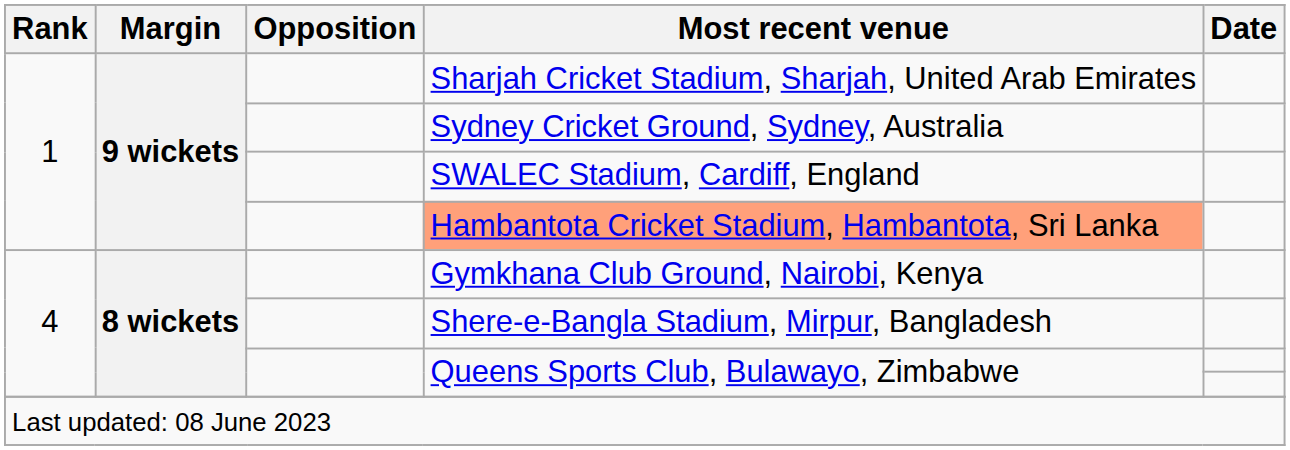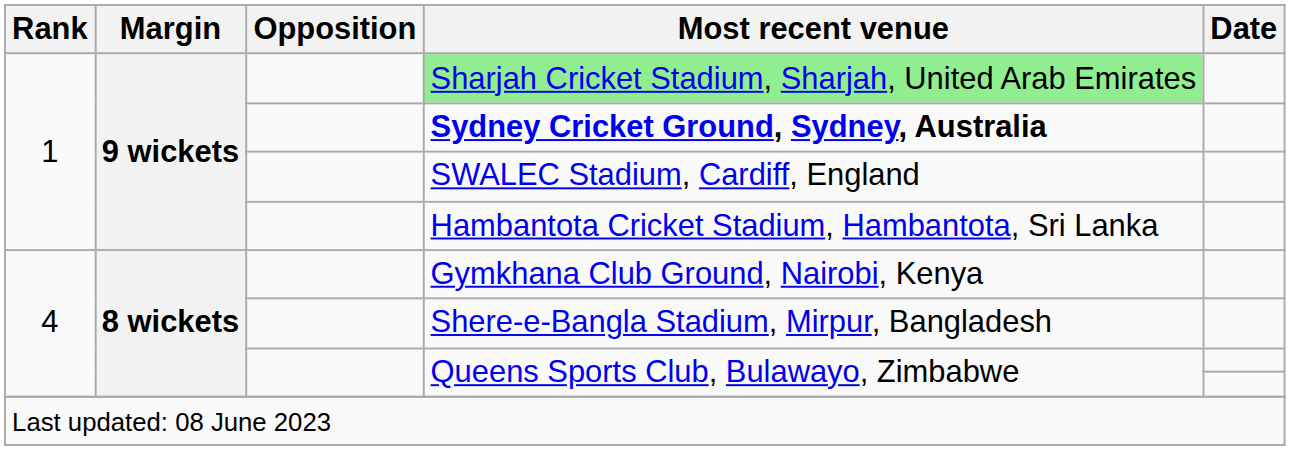 <table class="wikitable plainrowheaders sortable">
 <tr>
 <th scope=col>Rank</th>
 <th scope=col>Margin</th>
 <th scope=col>Opposition</th>
 <th scope=col>Most recent venue</th>
 <th scope=col>Date</th>
 </tr>
 <tr>
 <td rowspan="4" align="center">1</td>
 <th rowspan="4" scope="row" style="text-align:center">9 wickets</th>
 <td></td>
-<td><a href='#'>Sharjah Cricket Stadium</a>, <a href='#'>Sharjah</a>, United Arab Emirates</td>
+<td style="background: lightgreen;"><a href='#'>Sharjah Cricket Stadium</a>, <a href='#'>Sharjah</a>, United Arab Emirates</td>
 <td></td>
 </tr>
 <tr>
 <td></td>
-<td><a href='#'>Sydney Cricket Ground</a>, <a href='#'>Sydney</a>, Australia</td>
+<td><strong><a href='#'>Sydney Cricket Ground</a>, <a href='#'>Sydney</a>, Australia</strong></td>
 <td> </td>
 </tr>
 <tr>
 <td></td>
 <td><a href='#'>SWALEC Stadium</a>, <a href='#'>Cardiff</a>, England</td>
 <td> </td>
 </tr>
 <tr>
 <td></td>
-<td style="background: lightsalmon;"><a href='#'>Hambantota Cricket Stadium</a>, <a href='#'>Hambantota</a>, Sri Lanka</td>
+<td><a href='#'>Hambantota Cricket Stadium</a>, <a href='#'>Hambantota</a>, Sri Lanka</td>
 <td></td>
 </tr>
 <tr>
 <td align=center rowspan=4>4</td>
 <th scope=row style=text-align:center rowspan=4>8 wickets</th>
 <td></td>
 <td><a href='#'>Gymkhana Club Ground</a>, <a href='#'>Nairobi</a>, Kenya</td>
 <td></td>
 </tr>
 <tr>
 <td></td>
 <td><a href='#'>Shere-e-Bangla Stadium</a>, <a href='#'>Mirpur</a>, Bangladesh</td>
 <td></td>
 </tr>
 <tr>
 <td rowspan=2></td>
 <td rowspan=2><a href='#'>Queens Sports Club</a>, <a href='#'>Bulawayo</a>, Zimbabwe</td>
 <td></td>
 </tr>
 <tr>
 <td></td>
 </tr>
 <tr>
 </tr>
 <tr class=sortbottom>
 <td colspan=5><small>Last updated: 08 June 2023</small></td>
 </tr>
 </table>
